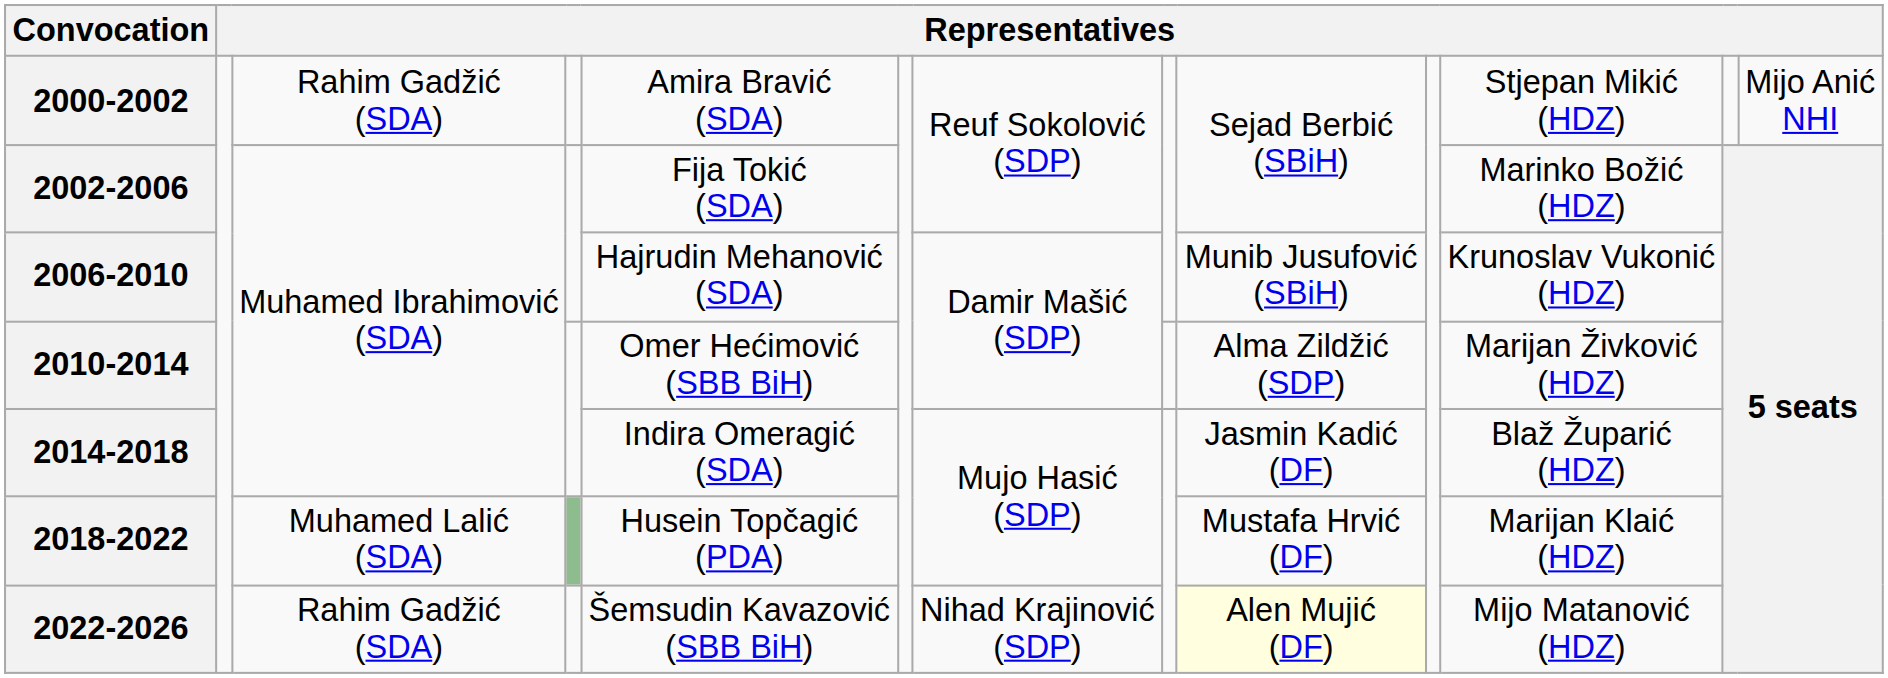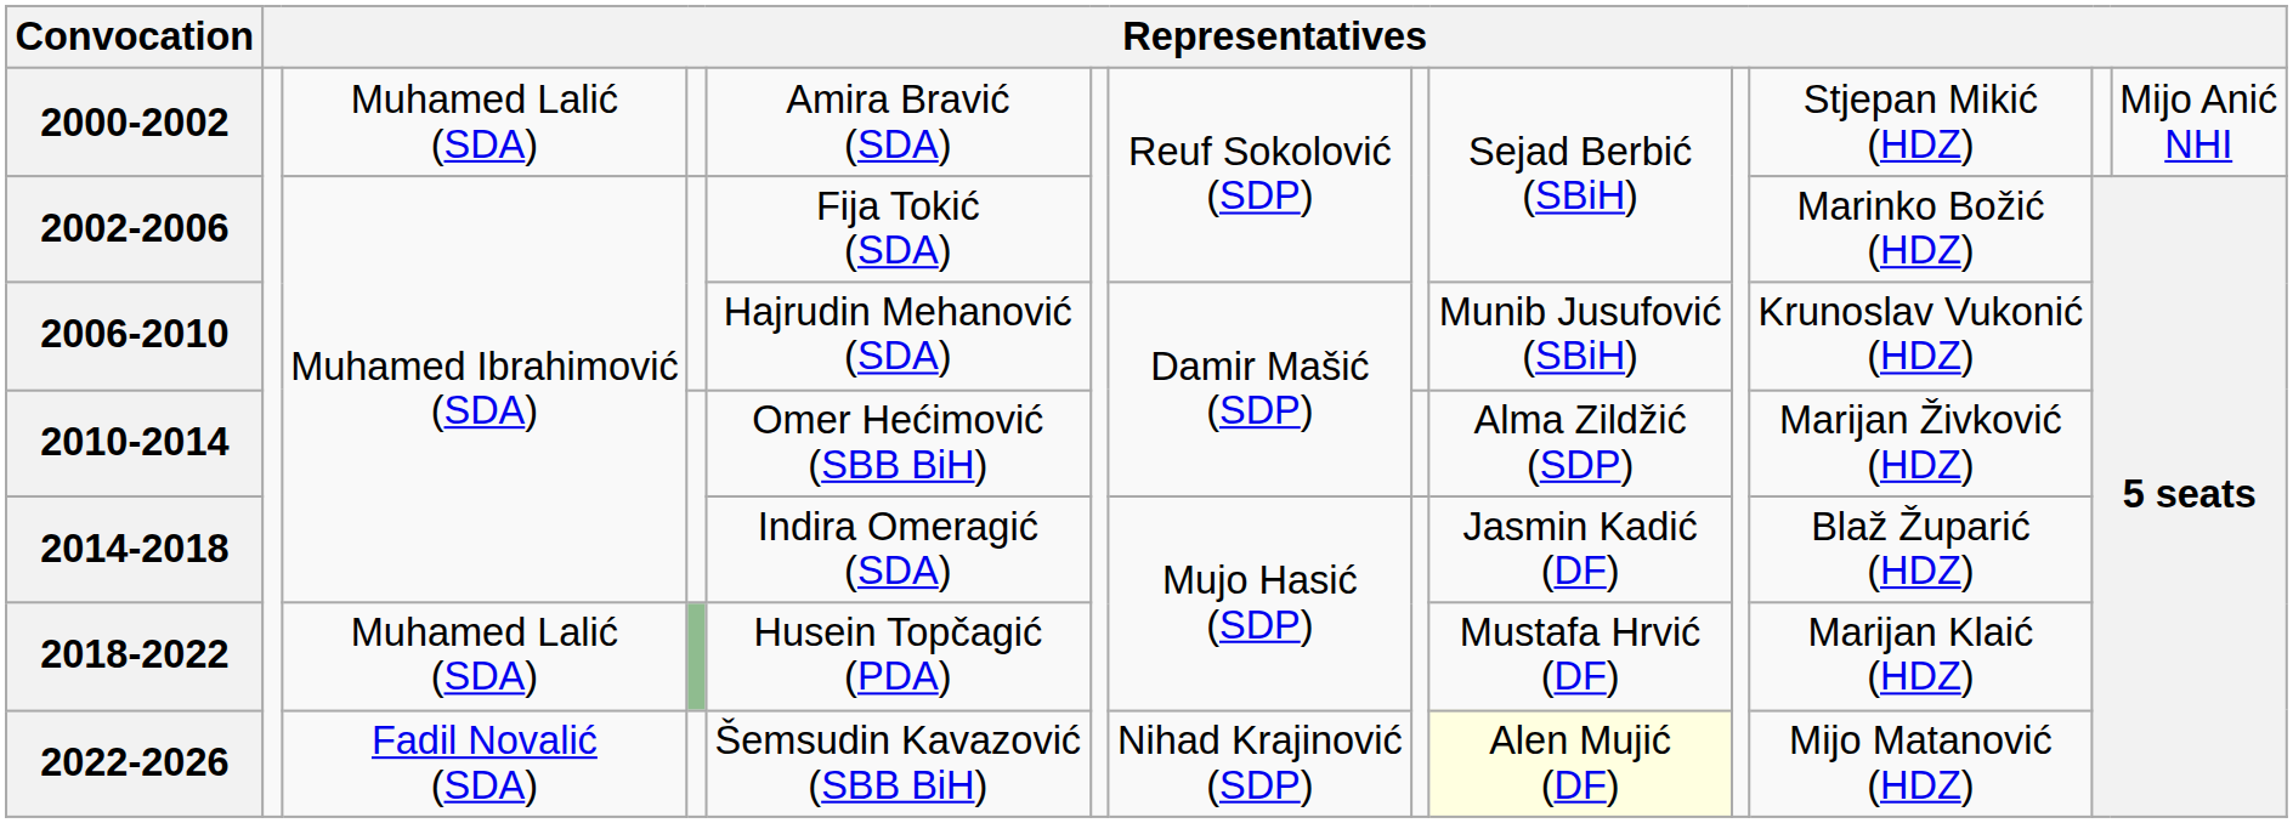 <table class="wikitable" style="text-align:center">
 <tr>
 <th>Convocation</th>
 <th colspan=12>Representatives</th>
 </tr>
 <tr>
 <th>2000-2002</th>
 <td rowspan=7; style="background-color: "></td>
-<td rowspan=1>Rahim Gadžić<br>(<a href='#'>SDA</a>)</td>
+<td rowspan=1>Muhamed Lalić<br>(<a href='#'>SDA</a>)</td>
 <td rowspan=1; style="background-color: "></td>
 <td rowspan=1>Amira Bravić<br>(<a href='#'>SDA</a>)</td>
 <td rowspan=7; style="background-color: "></td>
 <td rowspan=2>Reuf Sokolović<br>(<a href='#'>SDP</a>)</td>
 <td rowspan=3; style="background-color: "></td>
 <td rowspan=2>Sejad Berbić<br>(<a href='#'>SBiH</a>)</td>
 <td rowspan=7; style="background-color: "></td>
 <td rowspan=1>Stjepan Mikić<br>(<a href='#'>HDZ</a>)</td>
 <td rowspan=1; style="background-color: "></td>
 <td rowspan=1>Mijo Anić<br><a href='#'>NHI</a></td>
 </tr>
 <tr>
 <th>2002-2006</th>
 <td rowspan=4>Muhamed Ibrahimović<br>(<a href='#'>SDA</a>)</td>
 <td rowspan=2; style="background-color: "></td>
 <td rowspan=1>Fija Tokić<br>(<a href='#'>SDA</a>)</td>
 <td rowspan=1>Marinko Božić<br>(<a href='#'>HDZ</a>)</td>
 <th colspan=2; rowspan=6>5 seats</th>
 </tr>
 <tr>
 <th>2006-2010</th>
 <td rowspan=1>Hajrudin Mehanović<br>(<a href='#'>SDA</a>)</td>
 <td rowspan=2>Damir Mašić<br>(<a href='#'>SDP</a>)</td>
 <td rowspan=1>Munib Jusufović<br>(<a href='#'>SBiH</a>)</td>
 <td rowspan=1>Krunoslav Vukonić<br>(<a href='#'>HDZ</a>)</td>
 </tr>
 <tr>
 <th>2010-2014</th>
 <td rowspan=2; style="background-color: "></td>
 <td rowspan=1>Omer Hećimović<br>(<a href='#'>SBB BiH</a>)</td>
 <td rowspan=1; style="background-color: "></td>
 <td rowspan=1>Alma Zildžić<br>(<a href='#'>SDP</a>)</td>
 <td rowspan=1>Marijan Živković<br>(<a href='#'>HDZ</a>)</td>
 </tr>
 <tr>
 <th>2014-2018</th>
 <td rowspan=1>Indira Omeragić<br>(<a href='#'>SDA</a>)</td>
 <td rowspan=2>Mujo Hasić<br>(<a href='#'>SDP</a>)</td>
 <td rowspan=3; style="background-color: "></td>
 <td rowspan=1>Jasmin Kadić<br>(<a href='#'>DF</a>)</td>
 <td rowspan=1>Blaž Župarić<br>(<a href='#'>HDZ</a>)</td>
 </tr>
 <tr>
 <th>2018-2022</th>
 <td rowspan=1>Muhamed Lalić<br>(<a href='#'>SDA</a>)</td>
 <td rowspan=1; style="background-color: #8fbc8f"></td>
 <td rowspan=1>Husein Topčagić<br>(<a href='#'>PDA</a>)</td>
 <td rowspan=1>Mustafa Hrvić<br>(<a href='#'>DF</a>)</td>
 <td rowspan=1>Marijan Klaić<br>(<a href='#'>HDZ</a>)</td>
 </tr>
 <tr>
 <th>2022-2026</th>
-<td rowspan=1>Rahim Gadžić<br>(<a href='#'>SDA</a>)</td>
+<td rowspan=1><a href='#'>Fadil Novalić</a><br>(<a href='#'>SDA</a>)</td>
 <td rowspan=1; style="background-color: "></td>
 <td rowspan=1>Šemsudin Kavazović<br>(<a href='#'>SBB BiH</a>)</td>
 <td rowspan=1>Nihad Krajinović<br>(<a href='#'>SDP</a>)</td>
 <td rowspan=1 style="background: lightyellow;">Alen Mujić<br>(<a href='#'>DF</a>)</td>
 <td rowspan=1>Mijo Matanović<br>(<a href='#'>HDZ</a>)</td>
 </tr>
 </table>
